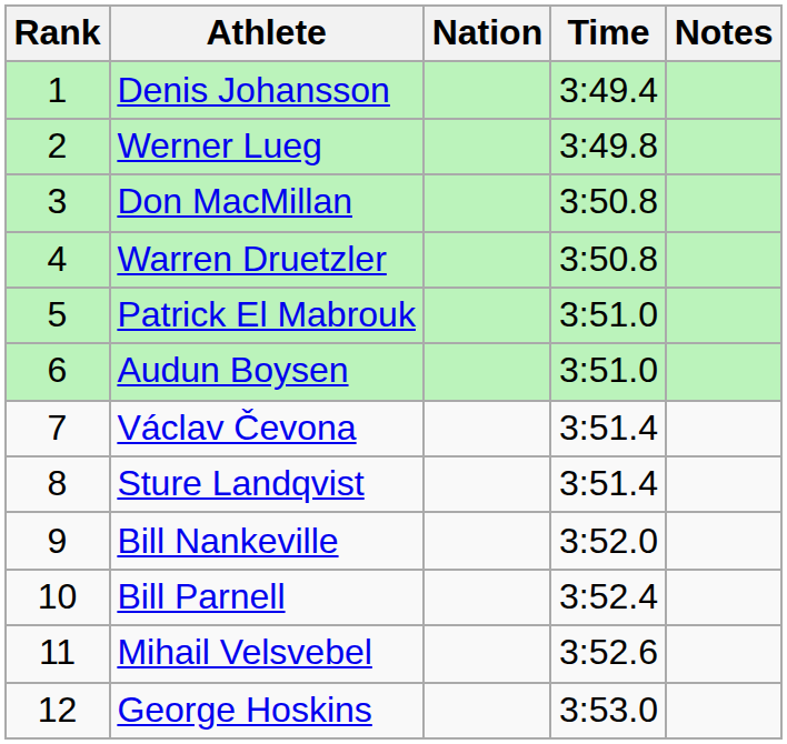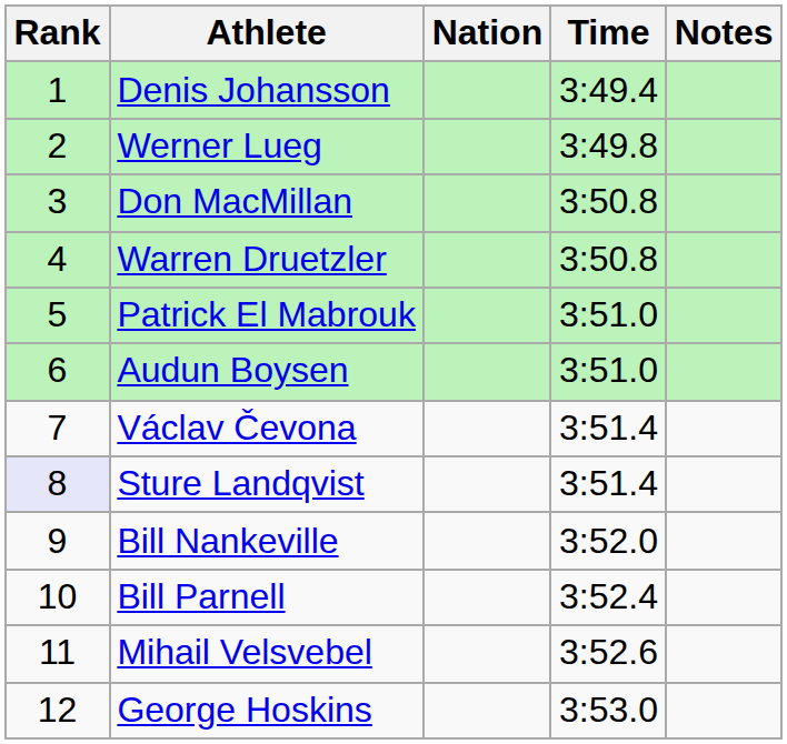 <table class="wikitable sortable" style="text-align:center">
 <tr>
 <th>Rank</th>
 <th>Athlete</th>
 <th>Nation</th>
 <th>Time</th>
 <th>Notes</th>
 </tr>
 <tr bgcolor=bbf3bb>
 <td>1</td>
 <td align=left><a href='#'>Denis Johansson</a></td>
 <td align=left></td>
 <td>3:49.4</td>
 <td></td>
 </tr>
 <tr bgcolor=bbf3bb>
 <td>2</td>
 <td align=left><a href='#'>Werner Lueg</a></td>
 <td align=left></td>
 <td>3:49.8</td>
 <td></td>
 </tr>
 <tr bgcolor=bbf3bb>
 <td>3</td>
 <td align=left><a href='#'>Don MacMillan</a></td>
 <td align=left></td>
 <td>3:50.8</td>
 <td></td>
 </tr>
 <tr bgcolor=bbf3bb>
 <td>4</td>
 <td align=left><a href='#'>Warren Druetzler</a></td>
 <td align=left></td>
 <td>3:50.8</td>
 <td></td>
 </tr>
 <tr bgcolor=bbf3bb>
 <td>5</td>
 <td align=left><a href='#'>Patrick El Mabrouk</a></td>
 <td align=left></td>
 <td>3:51.0</td>
 <td></td>
 </tr>
 <tr bgcolor=bbf3bb>
 <td>6</td>
 <td align=left><a href='#'>Audun Boysen</a></td>
 <td align=left></td>
 <td>3:51.0</td>
 <td></td>
 </tr>
 <tr>
 <td>7</td>
 <td align=left><a href='#'>Václav Čevona</a></td>
 <td align=left></td>
 <td>3:51.4</td>
 <td></td>
 </tr>
 <tr>
-<td>8</td>
+<td style="background: lavender;">8</td>
 <td align=left><a href='#'>Sture Landqvist</a></td>
 <td align=left></td>
 <td>3:51.4</td>
 <td></td>
 </tr>
 <tr>
 <td>9</td>
 <td align=left><a href='#'>Bill Nankeville</a></td>
 <td align=left></td>
 <td>3:52.0</td>
 <td></td>
 </tr>
 <tr>
 <td>10</td>
 <td align=left><a href='#'>Bill Parnell</a></td>
 <td align=left></td>
 <td>3:52.4</td>
 <td></td>
 </tr>
 <tr>
 <td>11</td>
 <td align=left><a href='#'>Mihail Velsvebel</a></td>
 <td align=left></td>
 <td>3:52.6</td>
 <td></td>
 </tr>
 <tr>
 <td>12</td>
 <td align=left><a href='#'>George Hoskins</a></td>
 <td align=left></td>
 <td>3:53.0</td>
 <td></td>
 </tr>
 <tr>
 </tr>
 </table>
